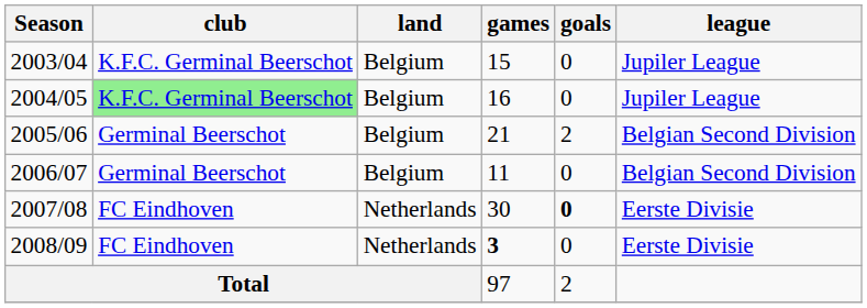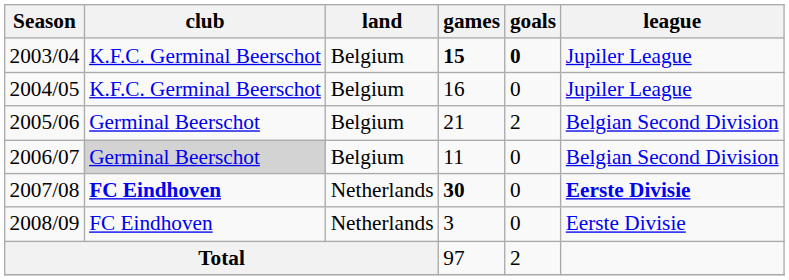 <table class="wikitable" border="1">
 <tr ---->
 <th>Season</th>
 <th>club</th>
 <th>land</th>
 <th>games</th>
 <th>goals</th>
 <th>league</th>
 </tr>
 <tr>
 <td>2003/04</td>
 <td><a href='#'>K.F.C. Germinal Beerschot</a></td>
 <td>Belgium</td>
-<td>15</td>
-<td>0</td>
+<td><strong>15</strong></td>
+<td><strong>0</strong></td>
 <td><a href='#'>Jupiler League</a></td>
 </tr>
 <tr>
 <td>2004/05</td>
-<td style="background: lightgreen;"><a href='#'>K.F.C. Germinal Beerschot</a></td>
+<td><a href='#'>K.F.C. Germinal Beerschot</a></td>
 <td>Belgium</td>
 <td>16</td>
 <td>0</td>
 <td><a href='#'>Jupiler League</a></td>
 </tr>
 <tr>
 <td>2005/06</td>
 <td><a href='#'>Germinal Beerschot</a></td>
 <td>Belgium</td>
 <td>21</td>
 <td>2</td>
 <td><a href='#'>Belgian Second Division</a></td>
 </tr>
 <tr>
 <td>2006/07</td>
-<td><a href='#'>Germinal Beerschot</a></td>
+<td style="background: lightgrey;"><a href='#'>Germinal Beerschot</a></td>
 <td>Belgium</td>
 <td>11</td>
 <td>0</td>
 <td><a href='#'>Belgian Second Division</a></td>
 </tr>
 <tr>
 <td>2007/08</td>
-<td><a href='#'>FC Eindhoven</a></td>
+<td><strong><a href='#'>FC Eindhoven</a></strong></td>
 <td>Netherlands</td>
-<td>30</td>
-<td><strong>0</strong></td>
-<td><a href='#'>Eerste Divisie</a></td>
+<td><strong>30</strong></td>
+<td>0</td>
+<td><strong><a href='#'>Eerste Divisie</a></strong></td>
 </tr>
 <tr>
 <td>2008/09</td>
 <td><a href='#'>FC Eindhoven</a></td>
 <td>Netherlands</td>
-<td><strong>3</strong></td>
+<td>3</td>
 <td>0</td>
 <td><a href='#'>Eerste Divisie</a></td>
 </tr>
 <tr>
 <th colspan=3>Total</th>
 <td>97</td>
 <td>2</td>
 <td></td>
 </tr>
 <tr>
 </tr>
 </table>
